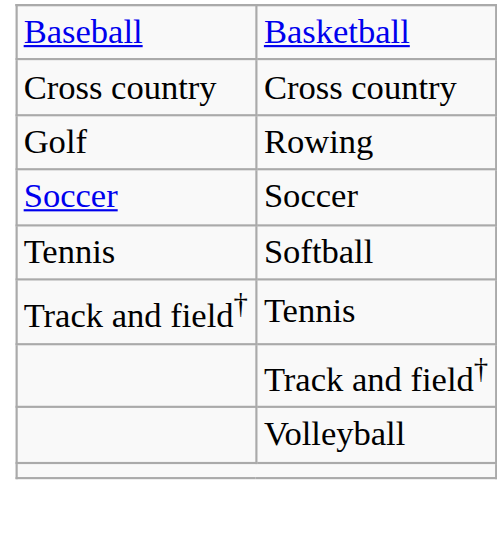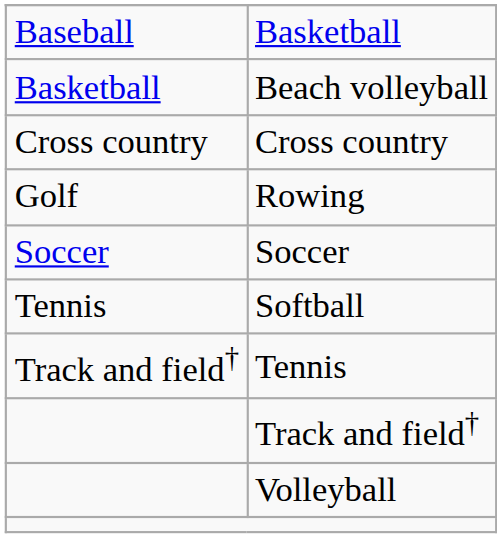 <table class="wikitable" style="float:right; clear:right; margin:0 0 1em 1em;">
 <tr>
 </tr>
 <tr>
 <td><a href='#'>Baseball</a></td>
 <td><a href='#'>Basketball</a></td>
+</tr>
+<tr>
+<td><a href='#'>Basketball</a></td>
+<td>Beach volleyball</td>
 </tr>
 <tr>
 <td>Cross country</td>
 <td>Cross country</td>
 </tr>
 <tr>
 <td>Golf</td>
 <td>Rowing</td>
 </tr>
 <tr>
 <td><a href='#'>Soccer</a></td>
 <td>Soccer</td>
 </tr>
 <tr>
 <td>Tennis</td>
 <td>Softball</td>
 </tr>
 <tr>
 <td>Track and field<sup>†</sup></td>
 <td>Tennis</td>
 </tr>
 <tr>
 <td></td>
 <td>Track and field<sup>†</sup></td>
 </tr>
 <tr>
 <td></td>
 <td>Volleyball</td>
 </tr>
 <tr>
 <td colspan="2"></td>
 </tr>
 </table>
